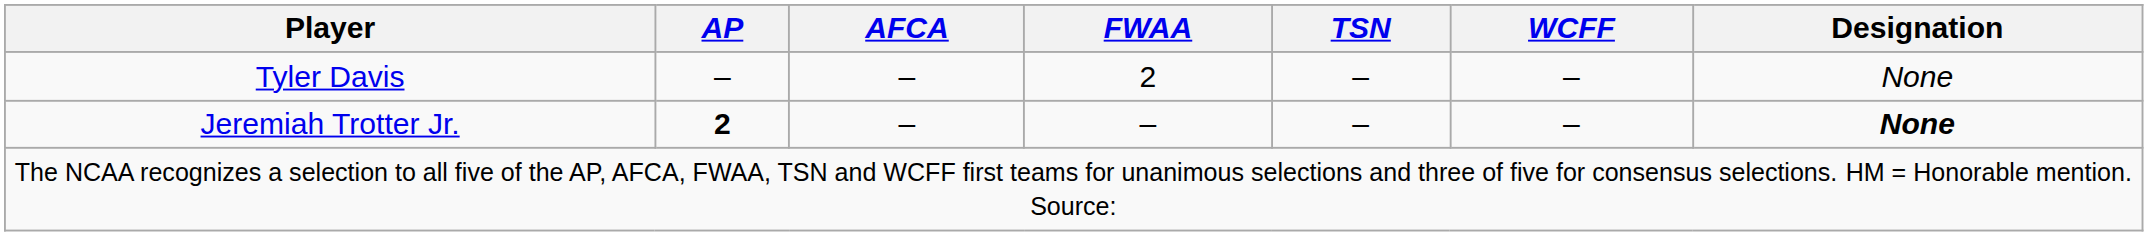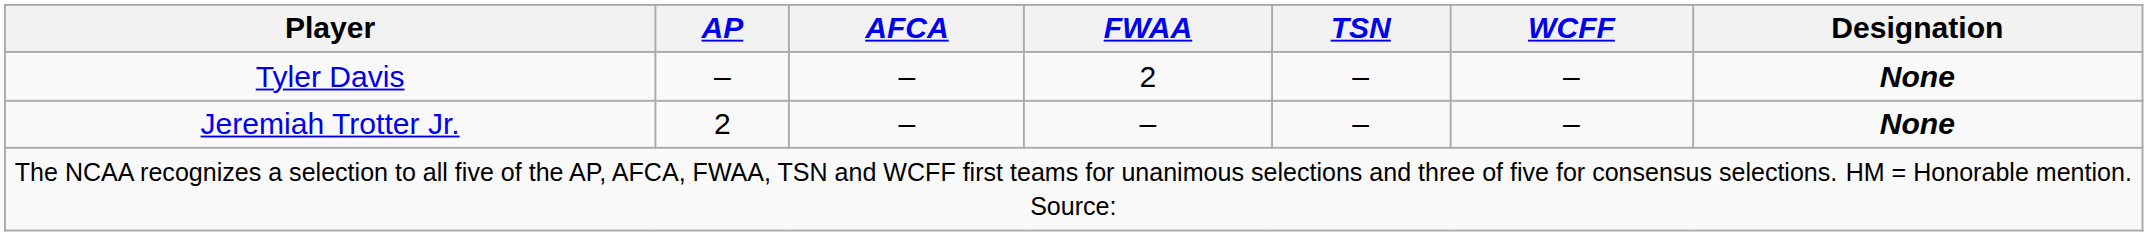 <table class="wikitable" style="width: 90%;text-align: center;">
 <tr>
 <th style=>Player</th>
 <th style=><a href='#'><span><em>AP</em></span></a></th>
 <th style=><a href='#'><span><em>AFCA</em></span></a></th>
 <th style=><a href='#'><span><em>FWAA</em></span></a></th>
 <th style=><a href='#'><span><em>TSN</em></span></a></th>
 <th style=><a href='#'><span><em>WCFF</em></span></a></th>
 <th style=>Designation</th>
 </tr>
 <tr align="center">
 <td><a href='#'>Tyler Davis</a></td>
 <td>–</td>
 <td>–</td>
 <td>2</td>
 <td>–</td>
 <td>–</td>
-<td><em>None</em></td>
+<td><strong><em>None</em></strong></td>
 </tr>
 <tr align="center">
 <td><a href='#'>Jeremiah Trotter Jr.</a></td>
-<td><strong>2</strong></td>
+<td>2</td>
 <td>–</td>
 <td>–</td>
 <td>–</td>
 <td>–</td>
 <td><strong><em>None</em></strong></td>
 </tr>
 <tr align="center">
 <td colspan=7><small>The NCAA recognizes a selection to all five of the AP, AFCA, FWAA, TSN and WCFF first teams for unanimous selections and three of five for consensus selections.</small> <small>HM = Honorable mention. Source: </small></td>
 </tr>
 </table>
